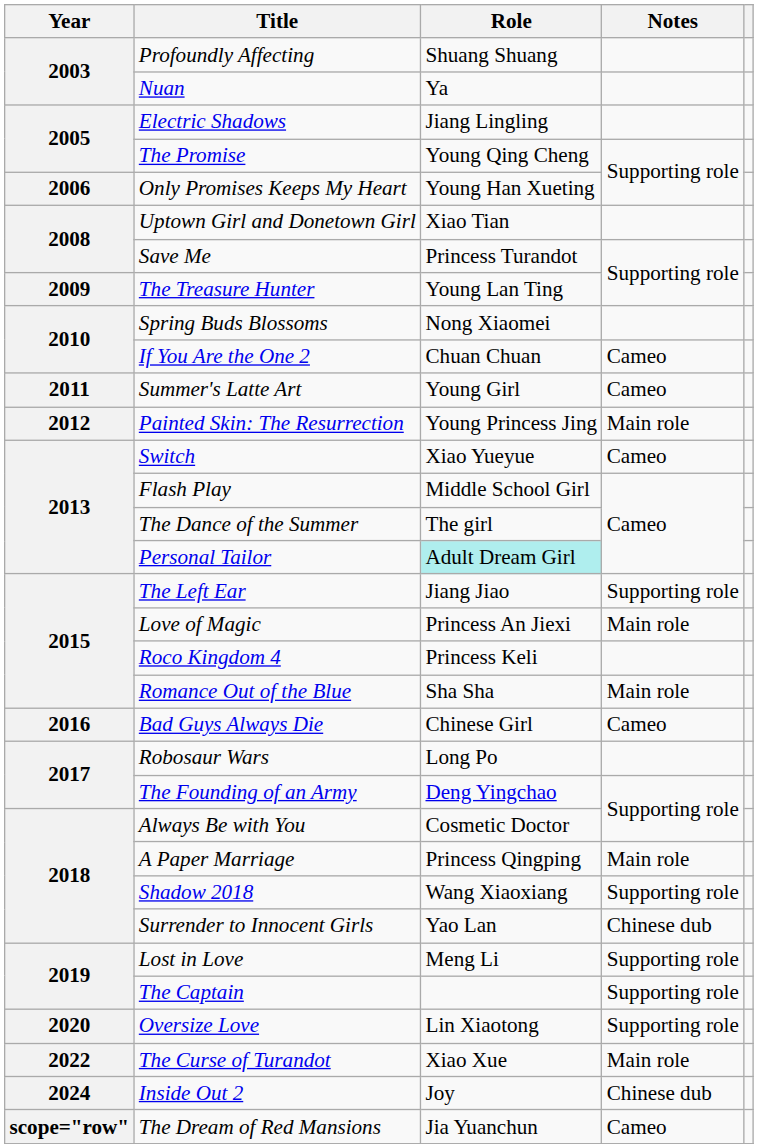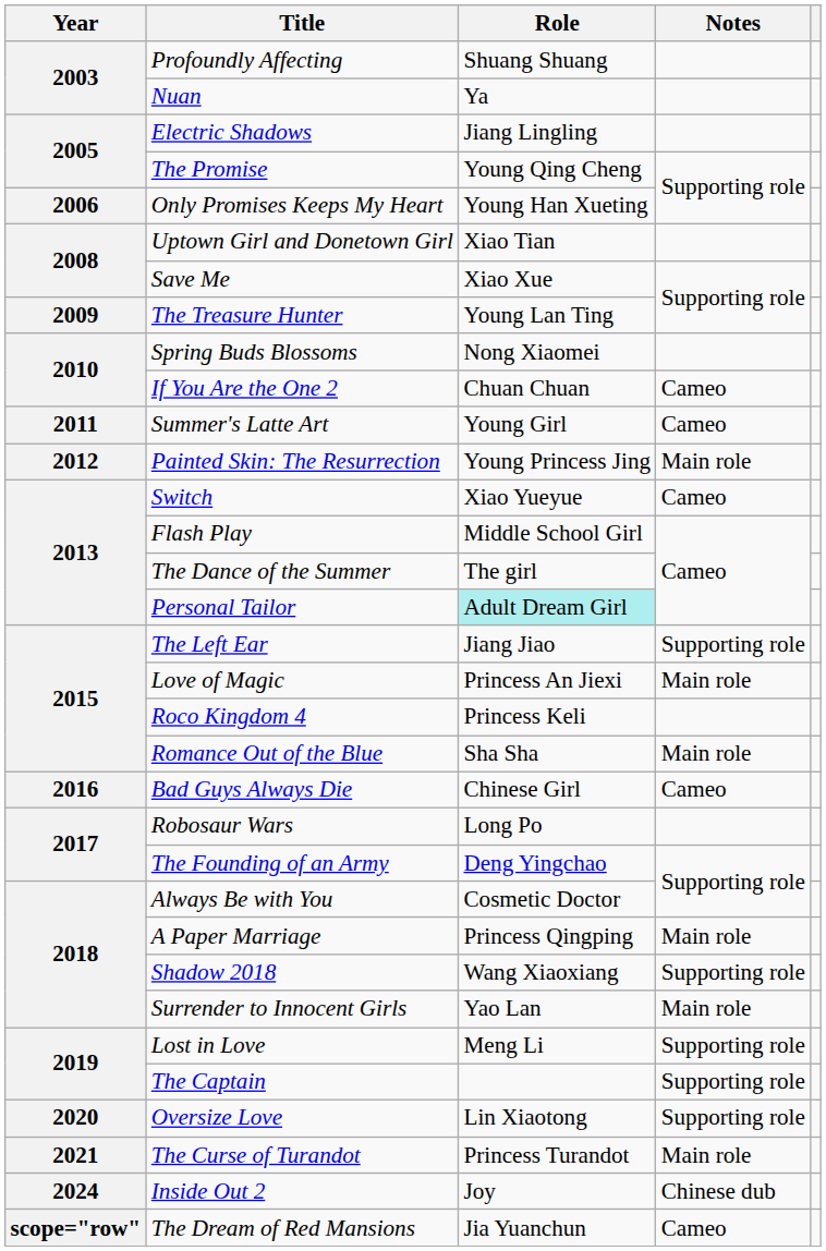 <table class="wikitable sortable plainrowheaders">
 <tr>
 <th scope="col">Year</th>
 <th scope="col">Title</th>
 <th scope="col">Role</th>
 <th scope="col">Notes</th>
 <th scope="col" class="unsortable"></th>
 </tr>
 <tr>
 <th scope=row rowspan="2">2003</th>
 <td><em>Profoundly Affecting</em></td>
 <td>Shuang Shuang</td>
 <td></td>
 <td></td>
 </tr>
 <tr>
 <td><em><a href='#'>Nuan</a></em></td>
 <td>Ya</td>
 <td></td>
 <td></td>
 </tr>
 <tr>
 <th scope="row" rowspan="2">2005</th>
 <td><em><a href='#'>Electric Shadows</a></em></td>
 <td>Jiang Lingling</td>
 <td></td>
 <td></td>
 </tr>
 <tr>
 <td><em><a href='#'>The Promise</a></em></td>
 <td>Young Qing Cheng</td>
 <td rowspan="2">Supporting role</td>
 <td></td>
 </tr>
 <tr>
 <th scope="row">2006</th>
 <td><em>Only Promises Keeps My Heart</em></td>
 <td>Young Han Xueting</td>
 <td></td>
 </tr>
 <tr>
 <th scope="row" rowspan="2">2008</th>
 <td><em>Uptown Girl and Donetown Girl</em></td>
 <td>Xiao Tian</td>
 <td></td>
 <td></td>
 </tr>
 <tr>
 <td><em>Save Me</em></td>
-<td>Princess Turandot</td>
+<td>Xiao Xue</td>
 <td rowspan="2">Supporting role</td>
 <td></td>
 </tr>
 <tr>
 <th scope="row">2009</th>
 <td><em><a href='#'>The Treasure Hunter</a></em></td>
 <td>Young Lan Ting</td>
 <td></td>
 </tr>
 <tr>
 <th scope="row" rowspan="2">2010</th>
 <td><em>Spring Buds Blossoms</em></td>
 <td>Nong Xiaomei</td>
 <td></td>
 <td></td>
 </tr>
 <tr>
 <td><em><a href='#'>If You Are the One 2</a></em></td>
 <td>Chuan Chuan</td>
 <td>Cameo</td>
 <td></td>
 </tr>
 <tr>
 <th scope="row">2011</th>
 <td><em>Summer's Latte Art</em></td>
 <td>Young Girl</td>
 <td>Cameo</td>
 <td></td>
 </tr>
 <tr>
 <th scope="row">2012</th>
 <td><em><a href='#'>Painted Skin: The Resurrection</a></em></td>
 <td>Young Princess Jing</td>
 <td>Main role</td>
 <td></td>
 </tr>
 <tr>
 <th scope="row" rowspan="4">2013</th>
 <td><em><a href='#'>Switch</a></em></td>
 <td>Xiao Yueyue</td>
 <td>Cameo</td>
 <td></td>
 </tr>
 <tr>
 <td><em>Flash Play</em></td>
 <td>Middle School Girl</td>
 <td rowspan="3">Cameo</td>
 <td></td>
 </tr>
 <tr>
 <td><em>The Dance of the Summer</em></td>
 <td>The girl</td>
 <td></td>
 </tr>
 <tr>
 <td><em><a href='#'>Personal Tailor</a></em></td>
 <td style="background: paleturquoise;">Adult Dream Girl</td>
 <td></td>
 </tr>
 <tr>
 <th scope="row" rowspan="4">2015</th>
 <td><em><a href='#'>The Left Ear</a></em></td>
 <td>Jiang Jiao</td>
 <td>Supporting role</td>
 <td></td>
 </tr>
 <tr>
 <td><em>Love of Magic</em></td>
 <td>Princess An Jiexi</td>
 <td>Main role</td>
 <td></td>
 </tr>
 <tr>
 <td><em><a href='#'>Roco Kingdom 4</a></em></td>
 <td>Princess Keli</td>
 <td></td>
 <td></td>
 </tr>
 <tr>
 <td><em><a href='#'>Romance Out of the Blue</a></em></td>
 <td>Sha Sha</td>
 <td>Main role</td>
 <td></td>
 </tr>
 <tr>
 <th scope="row">2016</th>
 <td><em><a href='#'>Bad Guys Always Die</a></em></td>
 <td>Chinese Girl</td>
 <td>Cameo</td>
 <td></td>
 </tr>
 <tr>
 <th scope="row" rowspan="2">2017</th>
 <td><em>Robosaur Wars</em></td>
 <td>Long Po</td>
 <td></td>
 <td></td>
 </tr>
 <tr>
 <td><em><a href='#'>The Founding of an Army</a></em></td>
 <td><a href='#'>Deng Yingchao</a></td>
 <td rowspan="2">Supporting role</td>
 <td></td>
 </tr>
 <tr>
 <th scope="row" rowspan="4">2018</th>
 <td><em>Always Be with You</em></td>
 <td>Cosmetic Doctor</td>
 <td></td>
 </tr>
 <tr>
 <td><em>A Paper Marriage</em></td>
 <td>Princess Qingping</td>
 <td>Main role</td>
 <td></td>
 </tr>
 <tr>
 <td><em><a href='#'>Shadow 2018</a></em></td>
 <td>Wang Xiaoxiang</td>
 <td>Supporting role</td>
 <td></td>
 </tr>
 <tr>
 <td><em>Surrender to Innocent Girls</em></td>
 <td>Yao Lan</td>
-<td>Chinese dub</td>
+<td>Main role</td>
 <td></td>
 </tr>
 <tr>
 <th scope="row" rowspan="2">2019</th>
 <td><em>Lost in Love</em></td>
 <td>Meng Li</td>
 <td>Supporting role</td>
 <td></td>
 </tr>
 <tr>
 <td><em><a href='#'>The Captain</a></em></td>
 <td></td>
 <td>Supporting role</td>
 <td></td>
 </tr>
 <tr>
 <th scope="row">2020</th>
 <td><em><a href='#'>Oversize Love</a></em></td>
 <td>Lin Xiaotong</td>
 <td>Supporting role</td>
 <td></td>
 </tr>
 <tr>
-<th scope="row">2022</th>
+<th scope="row">2021</th>
 <td><em><a href='#'>The Curse of Turandot</a></em></td>
-<td>Xiao Xue</td>
+<td>Princess Turandot</td>
 <td>Main role</td>
 <td></td>
 </tr>
 <tr>
 <th scope="row">2024</th>
 <td><em><a href='#'>Inside Out 2</a></em></td>
 <td>Joy</td>
 <td>Chinese dub</td>
 <td></td>
 </tr>
 <tr>
 <th>scope="row" </th>
 <td><em>The Dream of Red Mansions</em></td>
 <td>Jia Yuanchun</td>
 <td>Cameo</td>
 <td></td>
 </tr>
 <tr>
 </tr>
 </table>
